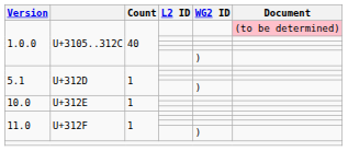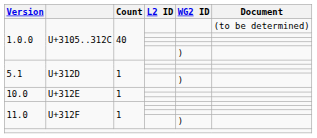 <table class="wikitable sticky-header">
 <tr>
 <th><a href='#'>Version</a></th>
 <th></th>
 <th>Count</th>
 <th><a href='#'>L2</a> ID</th>
 <th><a href='#'>WG2</a> ID</th>
 <th>Document</th>
 </tr>
 <tr>
 <td rowspan="5">1.0.0</td>
 <td rowspan="5">U+3105..312C</td>
 <td rowspan="5">40</td>
 <td></td>
 <td></td>
-<td style="background: pink;">(to be determined)</td>
+<td>(to be determined)</td>
 </tr>
 <tr>
 <td></td>
 <td></td>
 <td></td>
 </tr>
 <tr>
 <td></td>
 <td></td>
 <td></td>
 </tr>
 <tr>
 <td></td>
 <td></td>
 <td></td>
 </tr>
 <tr>
 <td></td>
 <td> )</td>
 <td></td>
 </tr>
 <tr>
 <td rowspan="4">5.1</td>
 <td rowspan="4">U+312D</td>
 <td rowspan="4">1</td>
 <td></td>
 <td></td>
 <td></td>
 </tr>
 <tr>
 <td></td>
 <td></td>
 <td></td>
 </tr>
 <tr>
 <td></td>
 <td></td>
 <td></td>
 </tr>
 <tr>
 <td></td>
 <td> )</td>
 <td></td>
 </tr>
 <tr>
 <td rowspan="3">10.0</td>
 <td rowspan="3">U+312E</td>
 <td rowspan="3">1</td>
 <td></td>
 <td></td>
 <td></td>
 </tr>
 <tr>
 <td></td>
 <td></td>
 <td></td>
 </tr>
 <tr>
 <td></td>
 <td></td>
 <td></td>
 </tr>
 <tr>
 <td rowspan="4">11.0</td>
 <td rowspan="4">U+312F</td>
 <td rowspan="4">1</td>
 <td></td>
 <td></td>
 <td></td>
 </tr>
 <tr>
 <td></td>
 <td></td>
 <td></td>
 </tr>
 <tr>
 <td></td>
 <td></td>
 <td></td>
 </tr>
 <tr>
 <td></td>
 <td> )</td>
 <td></td>
 </tr>
 <tr class="sortbottom">
 <td colspan="6"></td>
 </tr>
 </table>
